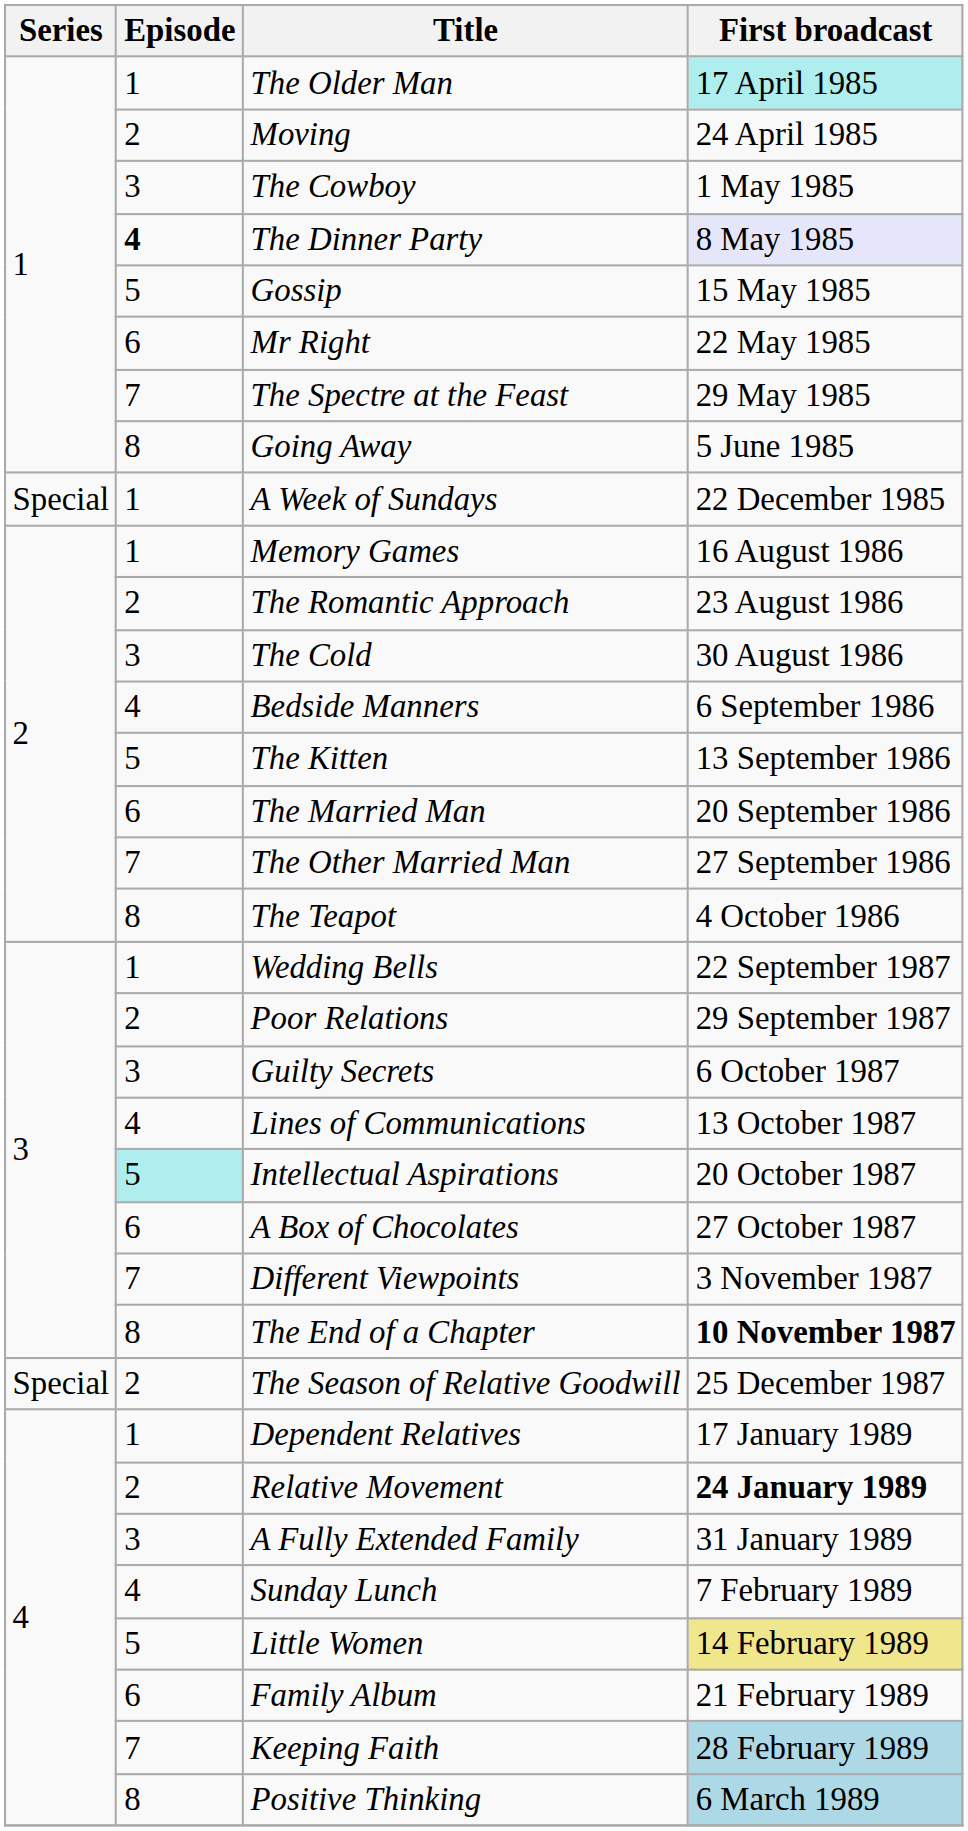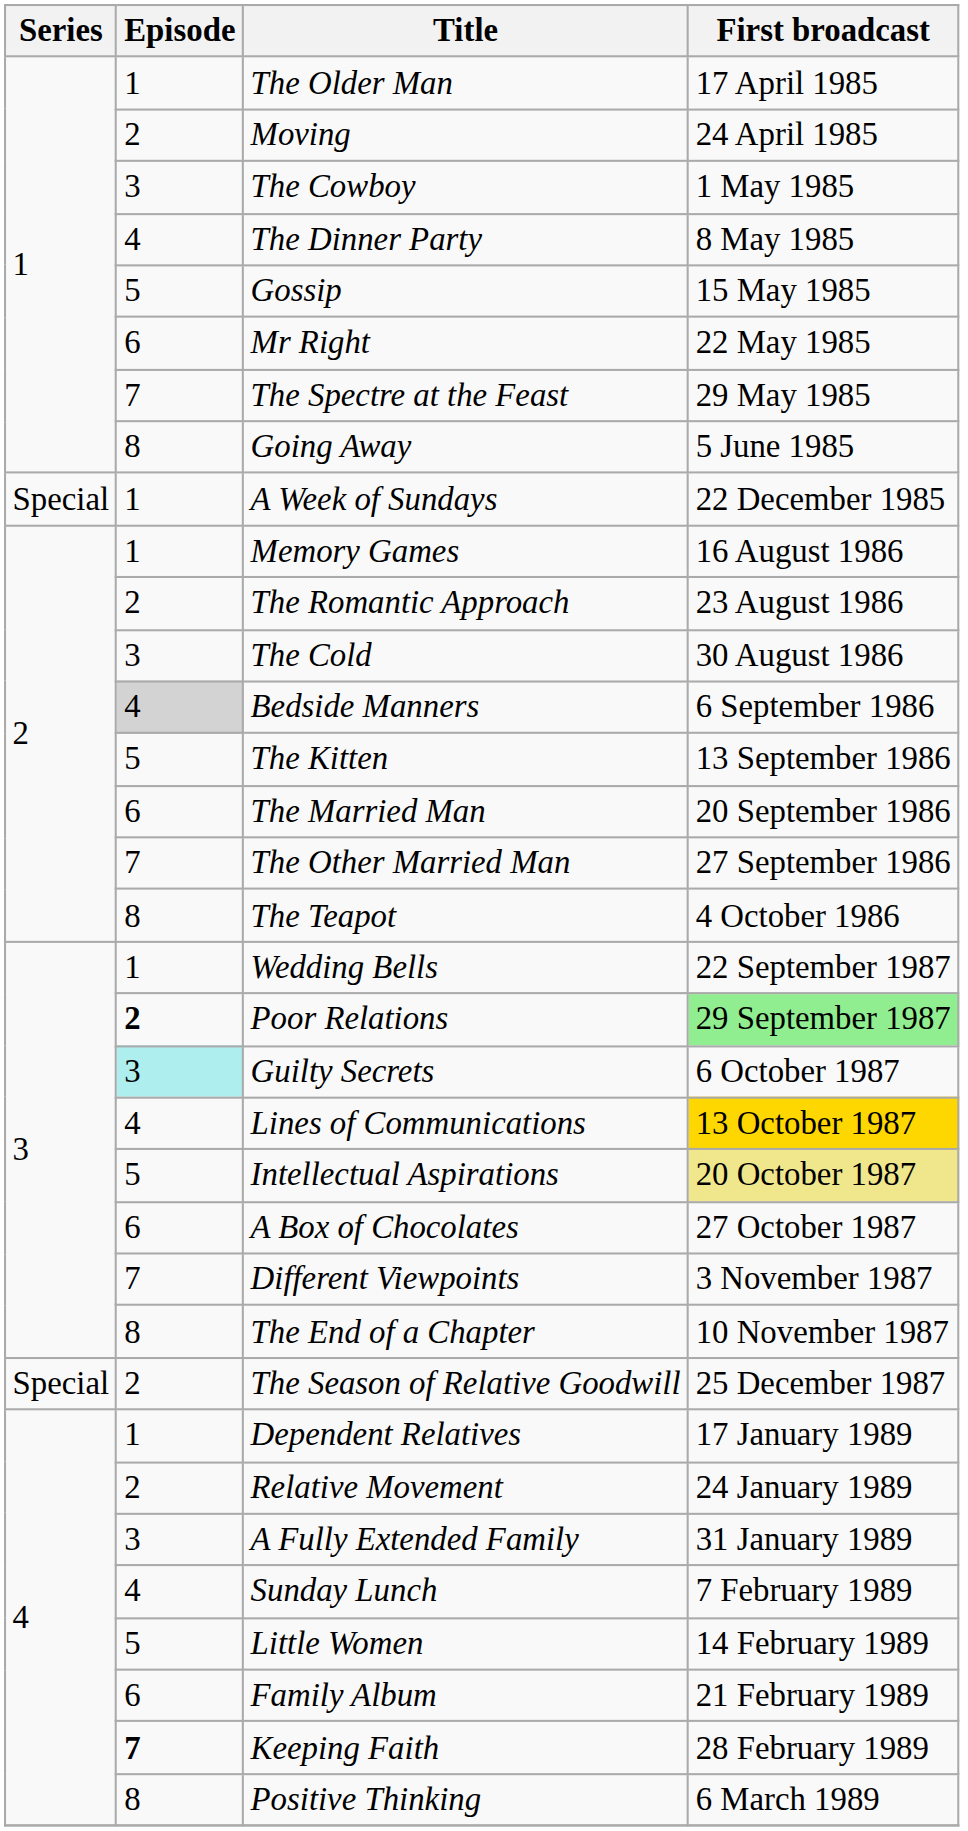 <table class="wikitable">
 <tr>
 <th>Series</th>
 <th>Episode</th>
 <th>Title</th>
 <th>First broadcast</th>
 </tr>
 <tr>
 <td rowspan="8">1</td>
 <td>1</td>
 <td><em>The Older Man</em></td>
-<td style="background: paleturquoise;">17 April 1985</td>
+<td>17 April 1985</td>
 </tr>
 <tr>
 <td>2</td>
 <td><em>Moving</em></td>
 <td>24 April 1985</td>
 </tr>
 <tr>
 <td>3</td>
 <td><em>The Cowboy</em></td>
 <td>1 May 1985</td>
 </tr>
 <tr>
-<td><strong>4</strong></td>
+<td>4</td>
 <td><em>The Dinner Party</em></td>
-<td style="background: lavender;">8 May 1985</td>
+<td>8 May 1985</td>
 </tr>
 <tr>
 <td>5</td>
 <td><em>Gossip</em></td>
 <td>15 May 1985</td>
 </tr>
 <tr>
 <td>6</td>
 <td><em>Mr Right</em></td>
 <td>22 May 1985</td>
 </tr>
 <tr>
 <td>7</td>
 <td><em>The Spectre at the Feast</em></td>
 <td>29 May 1985</td>
 </tr>
 <tr>
 <td>8</td>
 <td><em>Going Away</em></td>
 <td>5 June 1985</td>
 </tr>
 <tr>
 <td>Special</td>
 <td>1</td>
 <td><em>A Week of Sundays</em></td>
 <td>22 December 1985</td>
 </tr>
 <tr>
 <td rowspan="8">2</td>
 <td>1</td>
 <td><em>Memory Games</em></td>
 <td>16 August 1986</td>
 </tr>
 <tr>
 <td>2</td>
 <td><em>The Romantic Approach</em></td>
 <td>23 August 1986</td>
 </tr>
 <tr>
 <td>3</td>
 <td><em>The Cold</em></td>
 <td>30 August 1986</td>
 </tr>
 <tr>
-<td>4</td>
+<td style="background: lightgrey;">4</td>
 <td><em>Bedside Manners</em></td>
 <td>6 September 1986</td>
 </tr>
 <tr>
 <td>5</td>
 <td><em>The Kitten</em></td>
 <td>13 September 1986</td>
 </tr>
 <tr>
 <td>6</td>
 <td><em>The Married Man</em></td>
 <td>20 September 1986</td>
 </tr>
 <tr>
 <td>7</td>
 <td><em>The Other Married Man</em></td>
 <td>27 September 1986</td>
 </tr>
 <tr>
 <td>8</td>
 <td><em>The Teapot</em></td>
 <td>4 October 1986</td>
 </tr>
 <tr>
 <td rowspan="8">3</td>
 <td>1</td>
 <td><em>Wedding Bells</em></td>
 <td>22 September 1987</td>
 </tr>
 <tr>
-<td>2</td>
+<td><strong>2</strong></td>
 <td><em>Poor Relations</em></td>
-<td>29 September 1987</td>
+<td style="background: lightgreen;">29 September 1987</td>
 </tr>
 <tr>
-<td>3</td>
+<td style="background: paleturquoise;">3</td>
 <td><em>Guilty Secrets</em></td>
 <td>6 October 1987</td>
 </tr>
 <tr>
 <td>4</td>
 <td><em>Lines of Communications</em></td>
-<td>13 October 1987</td>
+<td style="background: gold;">13 October 1987</td>
 </tr>
 <tr>
-<td style="background: paleturquoise;">5</td>
+<td>5</td>
 <td><em>Intellectual Aspirations</em></td>
-<td>20 October 1987</td>
+<td style="background: khaki;">20 October 1987</td>
 </tr>
 <tr>
 <td>6</td>
 <td><em>A Box of Chocolates</em></td>
 <td>27 October 1987</td>
 </tr>
 <tr>
 <td>7</td>
 <td><em>Different Viewpoints</em></td>
 <td>3 November 1987</td>
 </tr>
 <tr>
 <td>8</td>
 <td><em>The End of a Chapter</em></td>
-<td><strong>10 November 1987</strong></td>
+<td>10 November 1987</td>
 </tr>
 <tr>
 <td>Special</td>
 <td>2</td>
 <td><em>The Season of Relative Goodwill</em></td>
 <td>25 December 1987</td>
 </tr>
 <tr>
 <td rowspan="8">4</td>
 <td>1</td>
 <td><em>Dependent Relatives</em></td>
 <td>17 January 1989</td>
 </tr>
 <tr>
 <td>2</td>
 <td><em>Relative Movement</em></td>
-<td><strong>24 January 1989</strong></td>
+<td>24 January 1989</td>
 </tr>
 <tr>
 <td>3</td>
 <td><em>A Fully Extended Family</em></td>
 <td>31 January 1989</td>
 </tr>
 <tr>
 <td>4</td>
 <td><em>Sunday Lunch</em></td>
 <td>7 February 1989</td>
 </tr>
 <tr>
 <td>5</td>
 <td><em>Little Women</em></td>
-<td style="background: khaki;">14 February 1989</td>
+<td>14 February 1989</td>
 </tr>
 <tr>
 <td>6</td>
 <td><em>Family Album</em></td>
 <td>21 February 1989</td>
 </tr>
 <tr>
-<td>7</td>
+<td><strong>7</strong></td>
 <td><em>Keeping Faith</em></td>
-<td style="background: lightblue;">28 February 1989</td>
+<td>28 February 1989</td>
 </tr>
 <tr>
 <td>8</td>
 <td><em>Positive Thinking</em></td>
-<td style="background: lightblue;">6 March 1989</td>
+<td>6 March 1989</td>
 </tr>
 <tr>
 </tr>
 </table>
